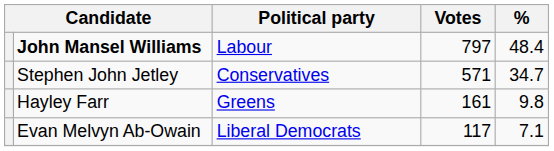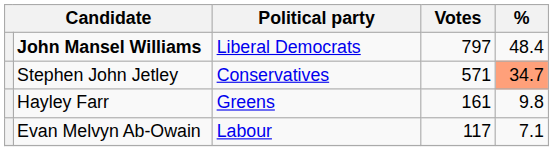 <table class="wikitable">
 <tr>
 <th valign=top colspan="2" style="width: 180px">Candidate</th>
 <th valign=top style="width: 180px">Political party</th>
 <th valign=top style="width: 60px">Votes</th>
 <th valign=top style="width: 40px">%</th>
 </tr>
 <tr>
 <th style="background-color: "></th>
 <td><strong>John Mansel Williams</strong></td>
-<td><a href='#'>Labour</a></td>
+<td><a href='#'>Liberal Democrats</a></td>
 <td align="right">797</td>
 <td align="right">48.4</td>
 </tr>
 <tr>
 <th style="background-color: "></th>
 <td>Stephen John Jetley</td>
 <td><a href='#'>Conservatives</a></td>
 <td align="right">571</td>
-<td align="right">34.7</td>
+<td align="right" style="background: lightsalmon;">34.7</td>
 </tr>
 <tr>
 <th style="background-color: "></th>
 <td>Hayley Farr</td>
 <td><a href='#'>Greens</a></td>
 <td align="right">161</td>
 <td align="right">9.8</td>
 </tr>
 <tr>
 <th style="background-color: "></th>
 <td>Evan Melvyn Ab-Owain</td>
-<td><a href='#'>Liberal Democrats</a></td>
+<td><a href='#'>Labour</a></td>
 <td align="right">117</td>
 <td align="right">7.1</td>
 </tr>
 <tr>
 </tr>
 </table>
